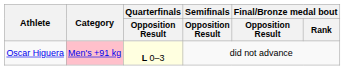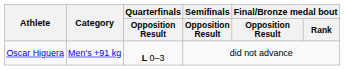 <table class="wikitable" style="text-align:center; font-size:90%">
 <tr>
 <th rowspan=2>Athlete</th>
 <th rowspan=2>Category</th>
 <th>Quarterfinals</th>
 <th>Semifinals</th>
 <th colspan=2>Final/Bronze medal bout</th>
 </tr>
 <tr style="font-size:95%">
 <th>Opposition<br>Result</th>
 <th>Opposition<br>Result</th>
 <th>Opposition<br>Result</th>
 <th>Rank</th>
 </tr>
 <tr>
 <td align=left><a href='#'>Oscar Higuera</a></td>
-<td align=left style="background: pink;"><a href='#'>Men's +91 kg</a></td>
-<td style="background: lightyellow;"><br> <strong>L</strong> 0–3</td>
+<td align=left><a href='#'>Men's +91 kg</a></td>
+<td><br> <strong>L</strong> 0–3</td>
 <td colspan=3>did not advance</td>
 </tr>
 </table>
